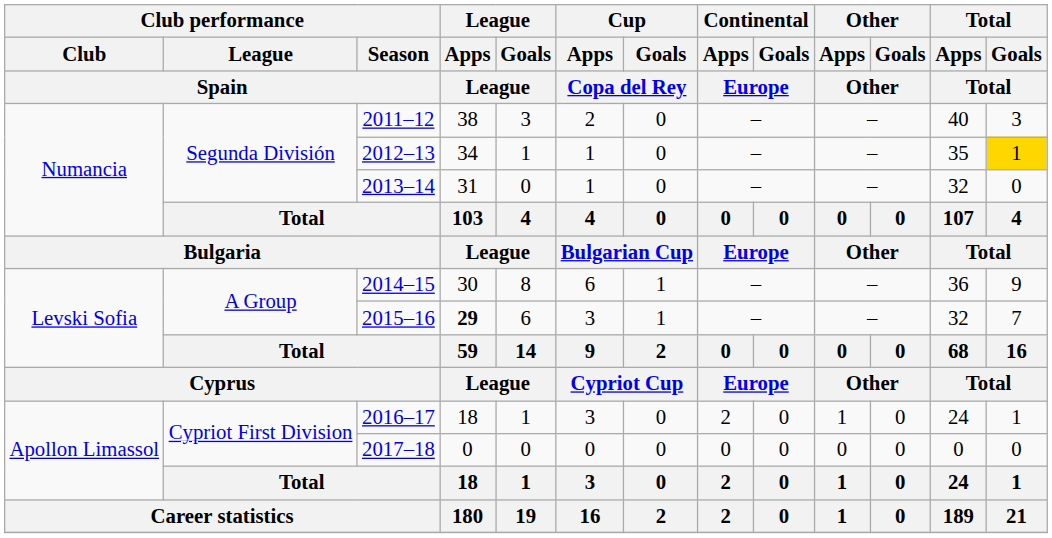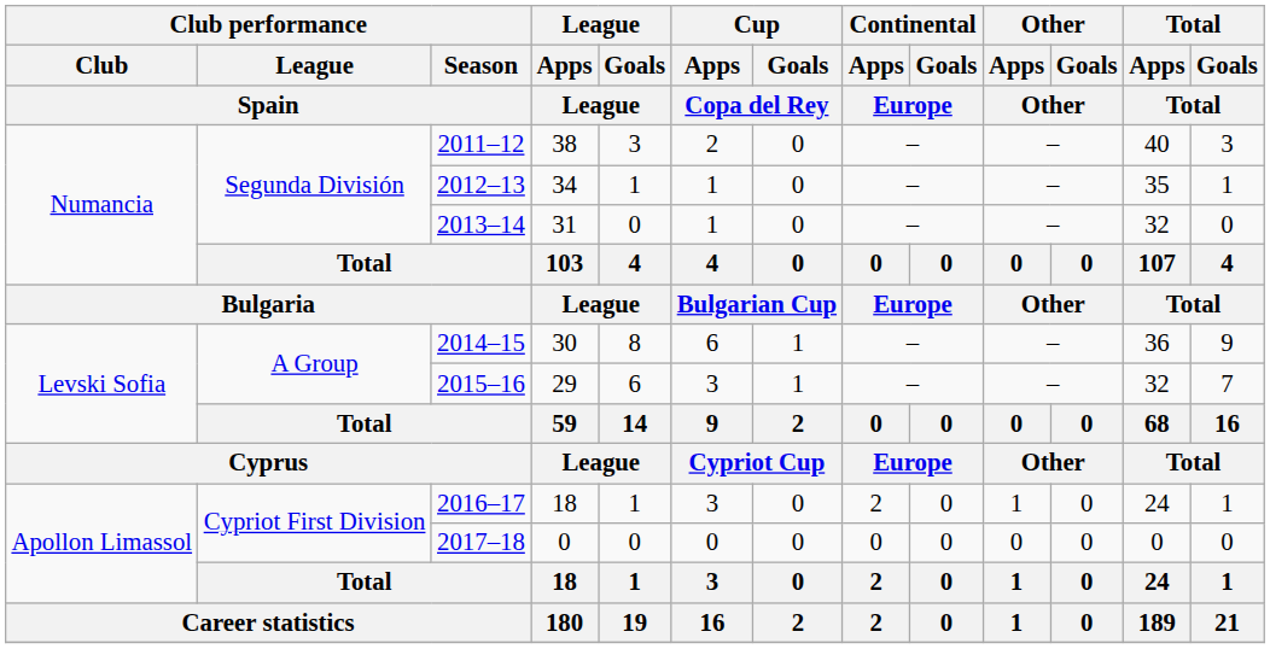 <table class="wikitable" style="text-align: center">
 <tr>
 <th Colspan="3">Club performance</th>
 <th Colspan="2">League</th>
 <th Colspan="2">Cup</th>
 <th Colspan="2">Continental</th>
 <th Colspan="2">Other</th>
 <th Colspan="3">Total</th>
 </tr>
 <tr>
 <th>Club</th>
 <th>League</th>
 <th>Season</th>
 <th>Apps</th>
 <th>Goals</th>
 <th>Apps</th>
 <th>Goals</th>
 <th>Apps</th>
 <th>Goals</th>
 <th>Apps</th>
 <th>Goals</th>
 <th>Apps</th>
 <th>Goals</th>
 </tr>
 <tr>
 <th Colspan="3">Spain</th>
 <th Colspan="2">League</th>
 <th Colspan="2"><a href='#'>Copa del Rey</a></th>
 <th Colspan="2"><a href='#'>Europe</a></th>
 <th Colspan="2">Other</th>
 <th Colspan="2">Total</th>
 </tr>
 <tr>
 <td rowspan=4><a href='#'>Numancia</a></td>
 <td rowspan=3><a href='#'>Segunda División</a></td>
 <td><a href='#'>2011–12</a></td>
 <td>38</td>
 <td>3</td>
 <td>2</td>
 <td>0</td>
 <td colspan=2>–</td>
 <td colspan=2>–</td>
 <td>40</td>
 <td>3</td>
 </tr>
 <tr>
 <td><a href='#'>2012–13</a></td>
 <td>34</td>
 <td>1</td>
 <td>1</td>
 <td>0</td>
 <td colspan=2>–</td>
 <td colspan=2>–</td>
 <td>35</td>
-<td style="background: gold;">1</td>
+<td>1</td>
 </tr>
 <tr>
 <td><a href='#'>2013–14</a></td>
 <td>31</td>
 <td>0</td>
 <td>1</td>
 <td>0</td>
 <td colspan=2>–</td>
 <td colspan=2>–</td>
 <td>32</td>
 <td>0</td>
 </tr>
 <tr>
 <th colspan=2>Total</th>
 <th>103</th>
 <th>4</th>
 <th>4</th>
 <th>0</th>
 <th>0</th>
 <th>0</th>
 <th>0</th>
 <th>0</th>
 <th>107</th>
 <th>4</th>
 </tr>
 <tr>
 <th Colspan="3">Bulgaria</th>
 <th Colspan="2">League</th>
 <th Colspan="2"><a href='#'>Bulgarian Cup</a></th>
 <th Colspan="2"><a href='#'>Europe</a></th>
 <th Colspan="2">Other</th>
 <th Colspan="2">Total</th>
 </tr>
 <tr>
 <td rowspan=3><a href='#'>Levski Sofia</a></td>
 <td rowspan=2><a href='#'>A Group</a></td>
 <td><a href='#'>2014–15</a></td>
 <td>30</td>
 <td>8</td>
 <td>6</td>
 <td>1</td>
 <td colspan=2>–</td>
 <td colspan=2>–</td>
 <td>36</td>
 <td>9</td>
 </tr>
 <tr>
 <td><a href='#'>2015–16</a></td>
-<td><strong>29</strong></td>
+<td>29</td>
 <td>6</td>
 <td>3</td>
 <td>1</td>
 <td colspan=2>–</td>
 <td colspan=2>–</td>
 <td>32</td>
 <td>7</td>
 </tr>
 <tr>
 <th colspan=2>Total</th>
 <th>59</th>
 <th>14</th>
 <th>9</th>
 <th>2</th>
 <th>0</th>
 <th>0</th>
 <th>0</th>
 <th>0</th>
 <th>68</th>
 <th>16</th>
 </tr>
 <tr>
 <th Colspan="3">Cyprus</th>
 <th Colspan="2">League</th>
 <th Colspan="2"><a href='#'>Cypriot Cup</a></th>
 <th Colspan="2"><a href='#'>Europe</a></th>
 <th Colspan="2">Other</th>
 <th Colspan="2">Total</th>
 </tr>
 <tr>
 <td rowspan=3><a href='#'>Apollon Limassol</a></td>
 <td rowspan=2><a href='#'>Cypriot First Division</a></td>
 <td><a href='#'>2016–17</a></td>
 <td>18</td>
 <td>1</td>
 <td>3</td>
 <td>0</td>
 <td>2</td>
 <td>0</td>
 <td>1</td>
 <td>0</td>
 <td>24</td>
 <td>1</td>
 </tr>
 <tr>
 <td><a href='#'>2017–18</a></td>
 <td>0</td>
 <td>0</td>
 <td>0</td>
 <td>0</td>
 <td>0</td>
 <td>0</td>
 <td>0</td>
 <td>0</td>
 <td>0</td>
 <td>0</td>
 </tr>
 <tr>
 <th colspan=2>Total</th>
 <th>18</th>
 <th>1</th>
 <th>3</th>
 <th>0</th>
 <th>2</th>
 <th>0</th>
 <th>1</th>
 <th>0</th>
 <th>24</th>
 <th>1</th>
 </tr>
 <tr>
 <th colspan=3>Career statistics</th>
 <th>180</th>
 <th>19</th>
 <th>16</th>
 <th>2</th>
 <th>2</th>
 <th>0</th>
 <th>1</th>
 <th>0</th>
 <th>189</th>
 <th>21</th>
 </tr>
 <tr>
 </tr>
 </table>
